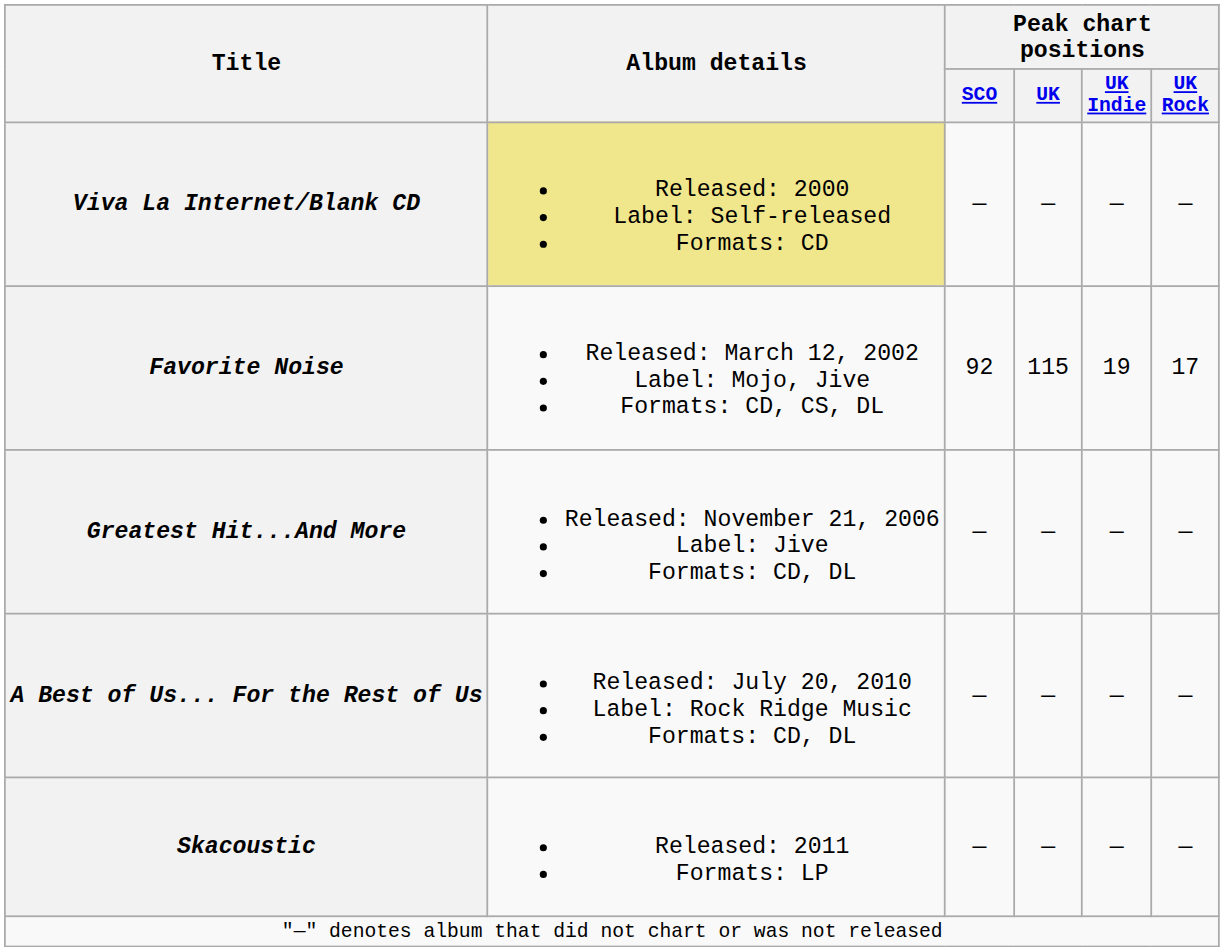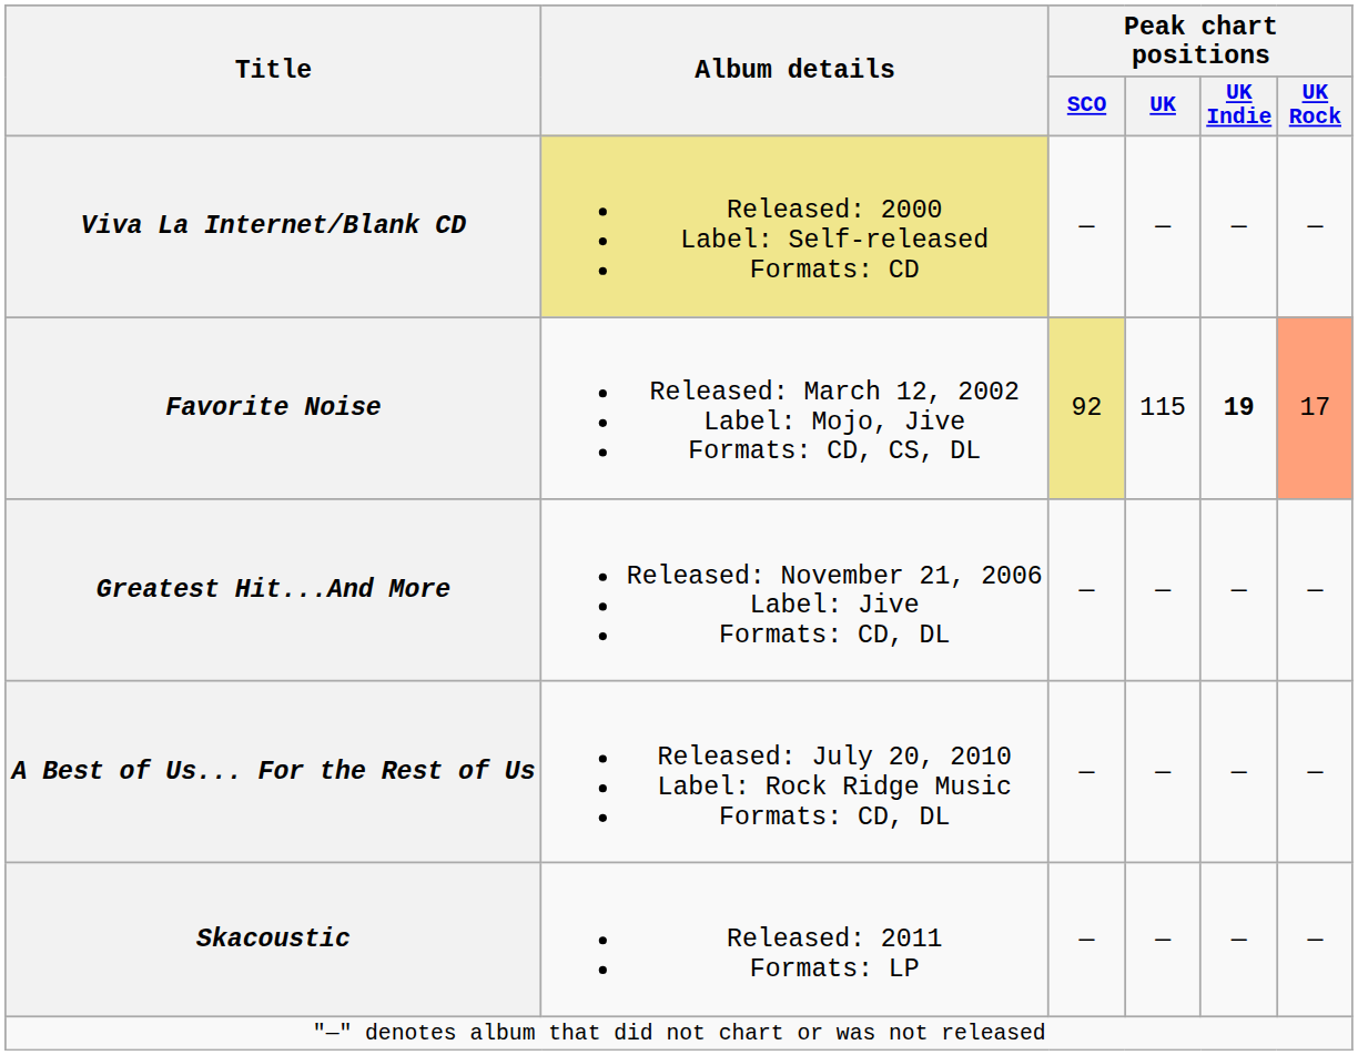 <table class="wikitable plainrowheaders" style="text-align:center;">
 <tr>
 <th scope="col" rowspan="2">Title</th>
 <th scope="col" rowspan="2">Album details</th>
 <th scope="col" colspan="4">Peak chart positions</th>
 </tr>
 <tr>
 <th scope="col" style="width:3em;font-size:85%;"><a href='#'>SCO</a><br></th>
 <th scope="col" style="width:3em;font-size:85%;"><a href='#'>UK</a><br></th>
 <th scope="col" style="width:3em;font-size:85%;"><a href='#'>UK<br>Indie</a><br></th>
 <th scope="col" style="width:3em;font-size:85%;"><a href='#'>UK<br>Rock</a><br></th>
 </tr>
 <tr>
 <th scope="row"><em>Viva La Internet/Blank CD</em></th>
 <td style="background: khaki;"><br><ul><li>Released: 2000</li><li>Label: Self-released</li><li>Formats: CD</li></ul></td>
 <td>—</td>
 <td>—</td>
 <td>—</td>
 <td>—</td>
 </tr>
 <tr>
 <th scope="row"><em>Favorite Noise</em></th>
 <td><br><ul><li>Released: March 12, 2002</li><li>Label: Mojo, Jive</li><li>Formats: CD, CS, DL</li></ul></td>
-<td>92</td>
+<td style="background: khaki;">92</td>
 <td>115</td>
-<td>19</td>
-<td>17</td>
+<td><strong>19</strong></td>
+<td style="background: lightsalmon;">17</td>
 </tr>
 <tr>
 <th scope="row"><em>Greatest Hit...And More</em></th>
 <td><br><ul><li>Released: November 21, 2006</li><li>Label: Jive</li><li>Formats: CD, DL</li></ul></td>
 <td>—</td>
 <td>—</td>
 <td>—</td>
 <td>—</td>
 </tr>
 <tr>
 <th scope="row"><em>A Best of Us... For the Rest of Us</em></th>
 <td><br><ul><li>Released: July 20, 2010</li><li>Label: Rock Ridge Music</li><li>Formats: CD, DL</li></ul></td>
 <td>—</td>
 <td>—</td>
 <td>—</td>
 <td>—</td>
 </tr>
 <tr>
 <th scope="row"><em>Skacoustic</em></th>
 <td><br><ul><li>Released: 2011</li><li>Formats: LP</li></ul></td>
 <td>—</td>
 <td>—</td>
 <td>—</td>
 <td>—</td>
 </tr>
 <tr>
 <td colspan="18" style="text-align:center; font-size:85%;">"—" denotes album that did not chart or was not released</td>
 </tr>
 </table>
